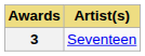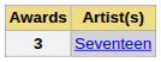 <table class="wikitable" style="text-align:center">
 <tr>
 <th scope="col" style="background:#EEDD82">Awards</th>
 <th scope="col" style="background:#EEDD82">Artist(s)</th>
 </tr>
 <tr>
 <th scope="col">3</th>
-<td><a href='#'>Seventeen</a></td>
+<td style="background: lightgrey;"><a href='#'>Seventeen</a></td>
 </tr>
 </table>
